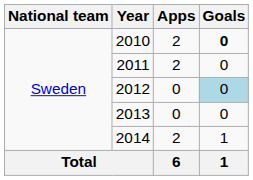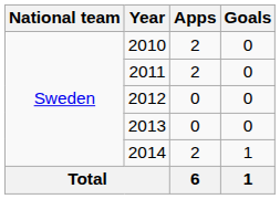 <table class="wikitable" style="text-align:center;">
 <tr>
 <th>National team</th>
 <th>Year</th>
 <th>Apps</th>
 <th>Goals</th>
 </tr>
 <tr>
 <td rowspan="5"><a href='#'>Sweden</a></td>
 <td>2010</td>
 <td>2</td>
-<td><strong>0</strong></td>
+<td>0</td>
 </tr>
 <tr>
 <td>2011</td>
 <td>2</td>
 <td>0</td>
 </tr>
 <tr>
 <td>2012</td>
 <td>0</td>
-<td style="background: lightblue;">0</td>
+<td>0</td>
 </tr>
 <tr>
 <td>2013</td>
 <td>0</td>
 <td>0</td>
 </tr>
 <tr>
 <td>2014</td>
 <td>2</td>
 <td>1</td>
 </tr>
 <tr>
 <th colspan="2">Total</th>
 <th>6</th>
 <th>1</th>
 </tr>
 </table>
